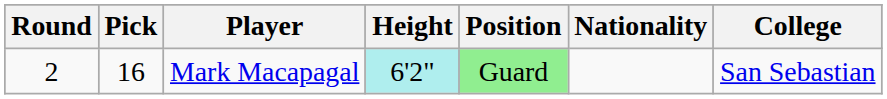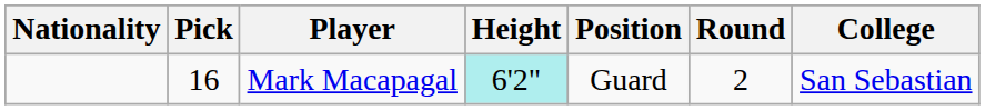 <table class="wikitable sortable sortable">
 <tr>
-<th>Round</th>
+<th>Nationality</th>
 <th>Pick</th>
 <th>Player</th>
 <th>Height</th>
 <th>Position</th>
-<th>Nationality</th>
+<th>Round</th>
 <th>College</th>
 </tr>
 <tr style="text-align: center">
-<td>2</td>
+<td></td>
 <td>16</td>
 <td><a href='#'>Mark Macapagal</a></td>
 <td style="background: paleturquoise;">6'2"</td>
-<td style="background: lightgreen;">Guard</td>
-<td></td>
+<td>Guard</td>
+<td>2</td>
 <td><a href='#'>San Sebastian</a></td>
 </tr>
 </table>
